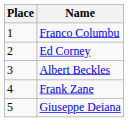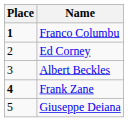 <table class="wikitable">
 <tr>
 <th>Place</th>
 <th>Name</th>
 </tr>
 <tr>
-<td>1</td>
+<td><strong>1</strong></td>
 <td> <a href='#'>Franco Columbu</a></td>
 </tr>
 <tr>
 <td>2</td>
 <td> <a href='#'>Ed Corney</a></td>
 </tr>
 <tr>
 <td>3</td>
 <td> <a href='#'>Albert Beckles</a></td>
 </tr>
 <tr>
-<td>4</td>
+<td><strong>4</strong></td>
 <td> <a href='#'>Frank Zane</a></td>
 </tr>
 <tr>
 <td>5</td>
 <td> <a href='#'>Giuseppe Deiana</a></td>
 </tr>
 </table>
